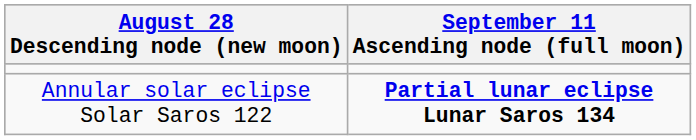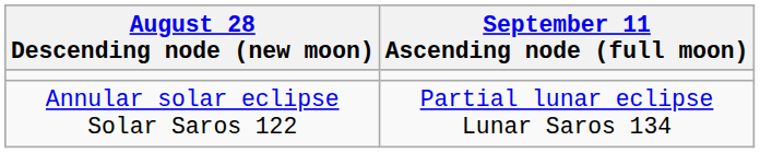 <table class="wikitable">
 <tr>
 <th><a href='#'>August 28</a><br>Descending node (new moon)<br></th>
 <th><a href='#'>September 11</a><br>Ascending node (full moon)<br></th>
 </tr>
 <tr>
 <td></td>
 <td></td>
 </tr>
 <tr align=center>
 <td><a href='#'>Annular solar eclipse</a><br>Solar Saros 122</td>
-<td><strong><a href='#'>Partial lunar eclipse</a><br>Lunar Saros 134</strong></td>
+<td><a href='#'>Partial lunar eclipse</a><br>Lunar Saros 134</td>
 </tr>
 </table>
